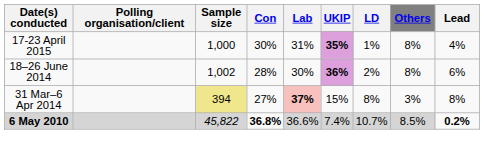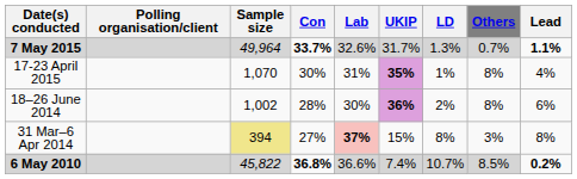 <table class="wikitable sortable" style="text-align:center;font-size:90%;line-height:14px">
 <tr>
 <th ! style="width:100px;">Date(s)<br>conducted</th>
 <th style="width:200px;">Polling organisation/client</th>
 <th class="unsortable" style="width:75px;">Sample size</th>
 <th class="unsortable" style="background:"><a href='#'><span>Con</span></a></th>
 <th class="unsortable" style="background:"><a href='#'><span>Lab</span></a></th>
 <th class="unsortable" style="background:"><a href='#'><span>UKIP</span></a></th>
 <th class="unsortable" style="background:"><a href='#'><span>LD</span></a></th>
 <th class="unsortable" style="background:gray; width:60px;"><a href='#'><span>Others</span></a></th>
 <th class="unsortable" style="width:85px;">Lead</th>
 </tr>
 <tr>
+<td style="background:#D5D5D5"><strong>7 May 2015</strong></td>
+<td style="background:#D5D5D5"></td>
+<td style="background:#D5D5D5"><em>49,964</em></td>
+<td style="background:"><strong>33.7%</strong></td>
+<td style="background:#D5D5D5">32.6%</td>
+<td style="background:#D5D5D5">31.7%</td>
+<td style="background:#D5D5D5">1.3%</td>
+<td style="background:#D5D5D5">0.7%</td>
+<td style="background:"><strong>1.1% </strong></td>
+</tr>
+<tr>
 <td>17-23 April 2015</td>
 <td></td>
-<td>1,000</td>
+<td>1,070</td>
 <td>30%</td>
 <td>31%</td>
 <td style="background:plum;"><strong>35%</strong></td>
 <td>1%</td>
 <td>8%</td>
 <td style="background:">4%</td>
 </tr>
 <tr>
 <td>18–26 June 2014</td>
 <td></td>
 <td>1,002</td>
 <td>28%</td>
 <td>30%</td>
 <td style="background:plum;"><strong>36%</strong></td>
 <td>2%</td>
 <td>8%</td>
 <td style="background:">6%</td>
 </tr>
 <tr>
 <td>31 Mar–6 Apr 2014</td>
 <td></td>
 <td style="background: khaki;">394</td>
 <td>27%</td>
 <td style="background:#F8C1BE"><strong>37%</strong></td>
 <td>15%</td>
 <td>8%</td>
 <td>3%</td>
 <td style="background:">8%</td>
 </tr>
 <tr>
 <td style="background:#D5D5D5"><strong>6 May 2010</strong></td>
 <td style="background:#D5D5D5"></td>
 <td style="background:#D5D5D5"><em>45,822</em></td>
 <td style="background:"><strong>36.8%</strong></td>
 <td style="background:#D5D5D5">36.6%</td>
 <td style="background:#D5D5D5">7.4%</td>
 <td style="background:#D5D5D5">10.7%</td>
 <td style="background:#D5D5D5">8.5%</td>
 <td style="background:"><strong>0.2% </strong></td>
 </tr>
 </table>
